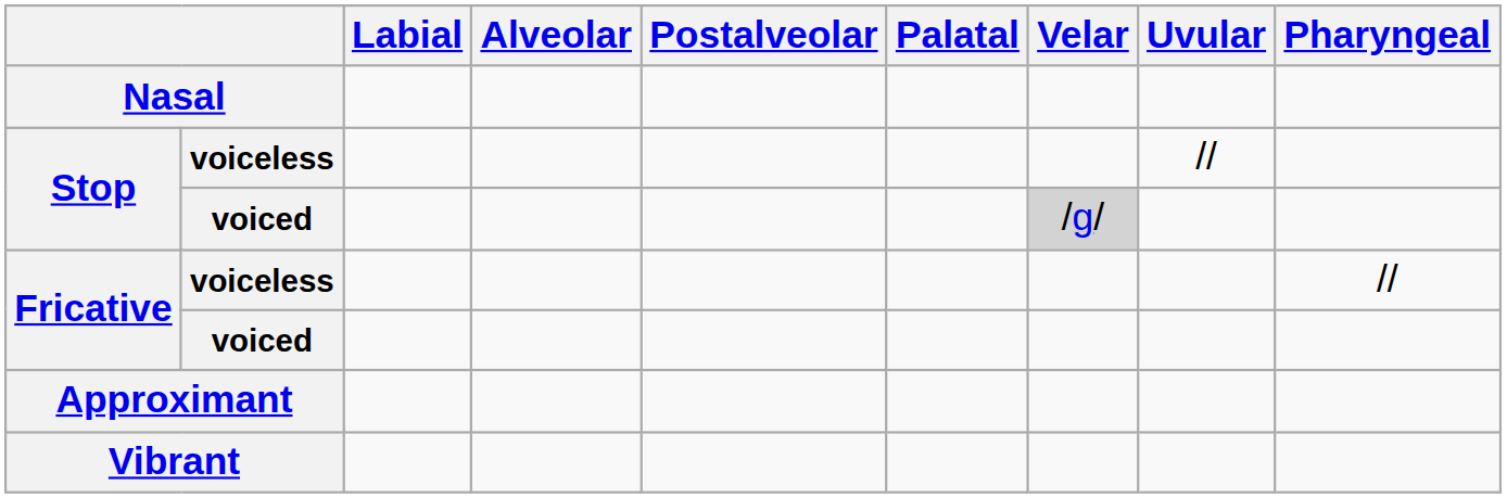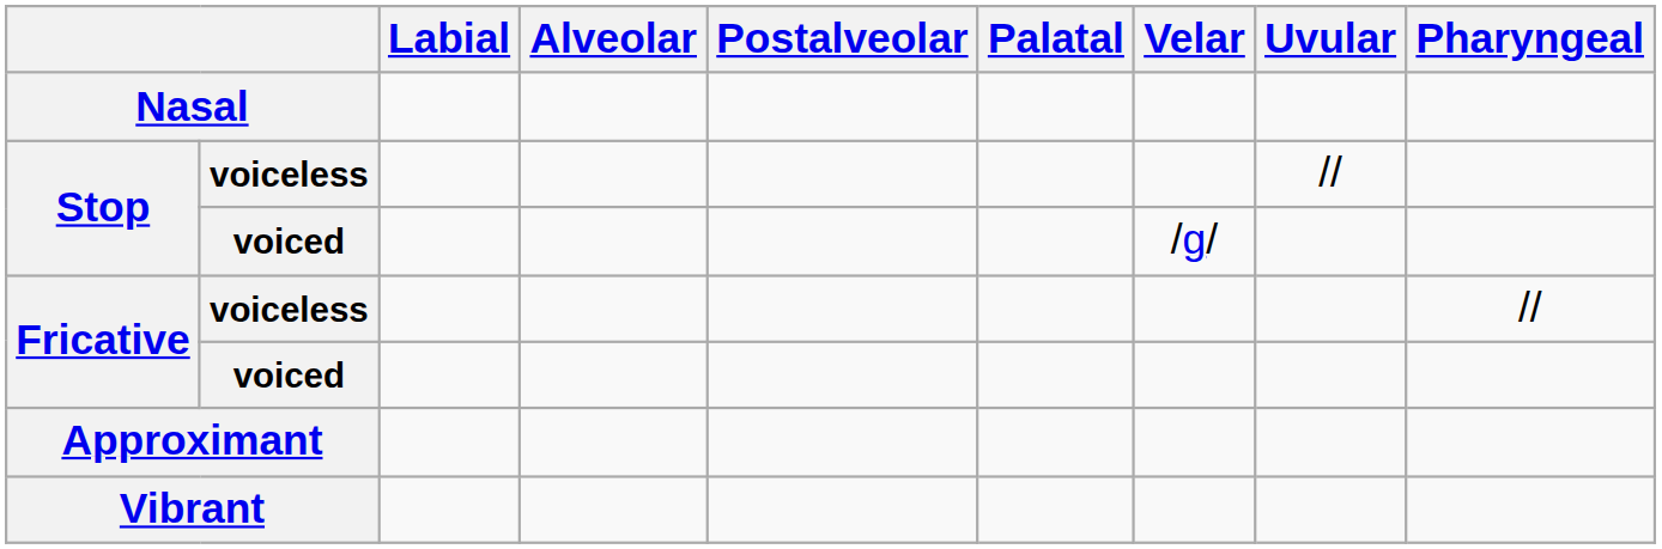 <table class="wikitable" style="text-align:center">
 <tr>
 <th colspan="2"></th>
 <th><a href='#'>Labial</a></th>
 <th><a href='#'>Alveolar</a></th>
 <th><a href='#'>Postalveolar</a></th>
 <th><a href='#'>Palatal</a></th>
 <th><a href='#'>Velar</a></th>
 <th><a href='#'>Uvular</a></th>
 <th><a href='#'>Pharyngeal</a></th>
 </tr>
 <tr>
 <th colspan="2"><a href='#'>Nasal</a></th>
 <td></td>
 <td></td>
 <td></td>
 <td></td>
 <td></td>
 <td></td>
 <td></td>
 </tr>
 <tr align="center">
 <th rowspan="2"><a href='#'>Stop</a></th>
 <th><small>voiceless</small></th>
 <td></td>
 <td></td>
 <td></td>
 <td></td>
 <td></td>
 <td>//</td>
 <td></td>
 </tr>
 <tr>
 <th><small>voiced</small></th>
 <td></td>
 <td></td>
 <td></td>
 <td></td>
-<td style="background: lightgrey;">/<a href='#'>g</a>/</td>
+<td>/<a href='#'>g</a>/</td>
 <td></td>
 <td></td>
 </tr>
 <tr align="center">
 <th rowspan="2"><a href='#'>Fricative</a></th>
 <th><small>voiceless</small></th>
 <td></td>
 <td></td>
 <td></td>
 <td></td>
 <td></td>
 <td></td>
 <td>//</td>
 </tr>
 <tr>
 <th><small>voiced</small></th>
 <td></td>
 <td></td>
 <td></td>
 <td></td>
 <td></td>
 <td></td>
 <td></td>
 </tr>
 <tr align="center">
 <th colspan="2"><a href='#'>Approximant</a></th>
 <td></td>
 <td></td>
 <td></td>
 <td></td>
 <td></td>
 <td></td>
 <td></td>
 </tr>
 <tr align="center">
 <th colspan="2"><a href='#'>Vibrant</a></th>
 <td></td>
 <td></td>
 <td></td>
 <td></td>
 <td></td>
 <td></td>
 <td></td>
 </tr>
 </table>
